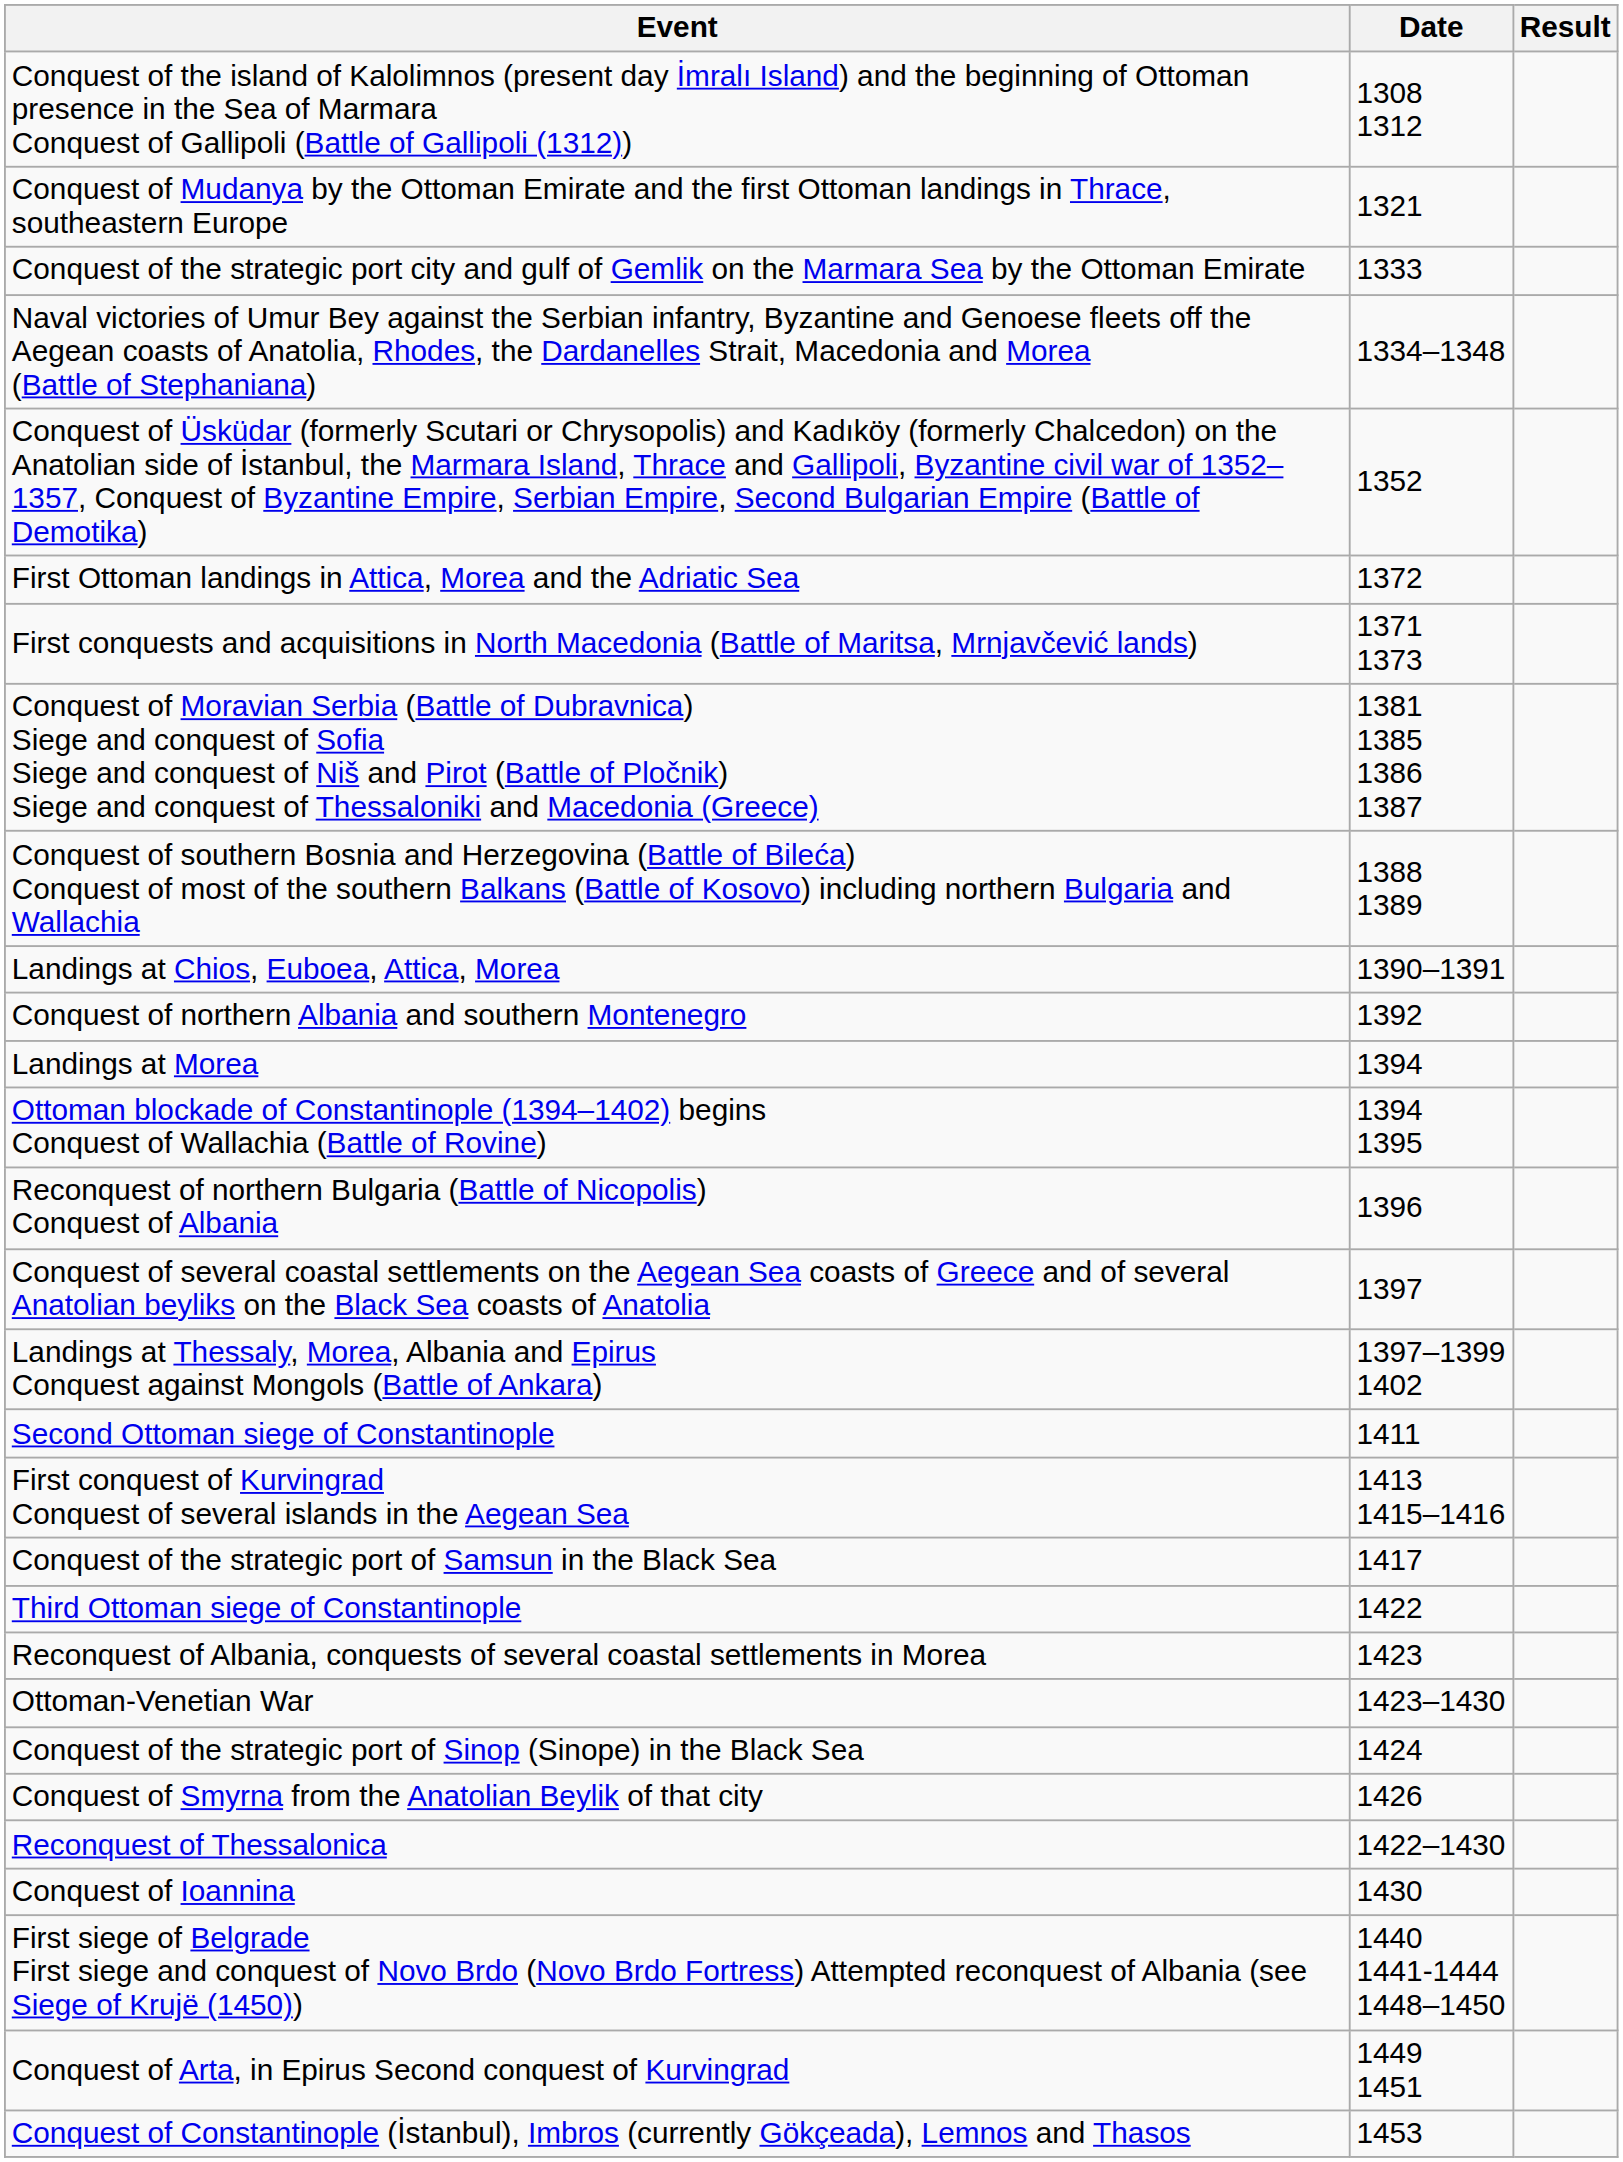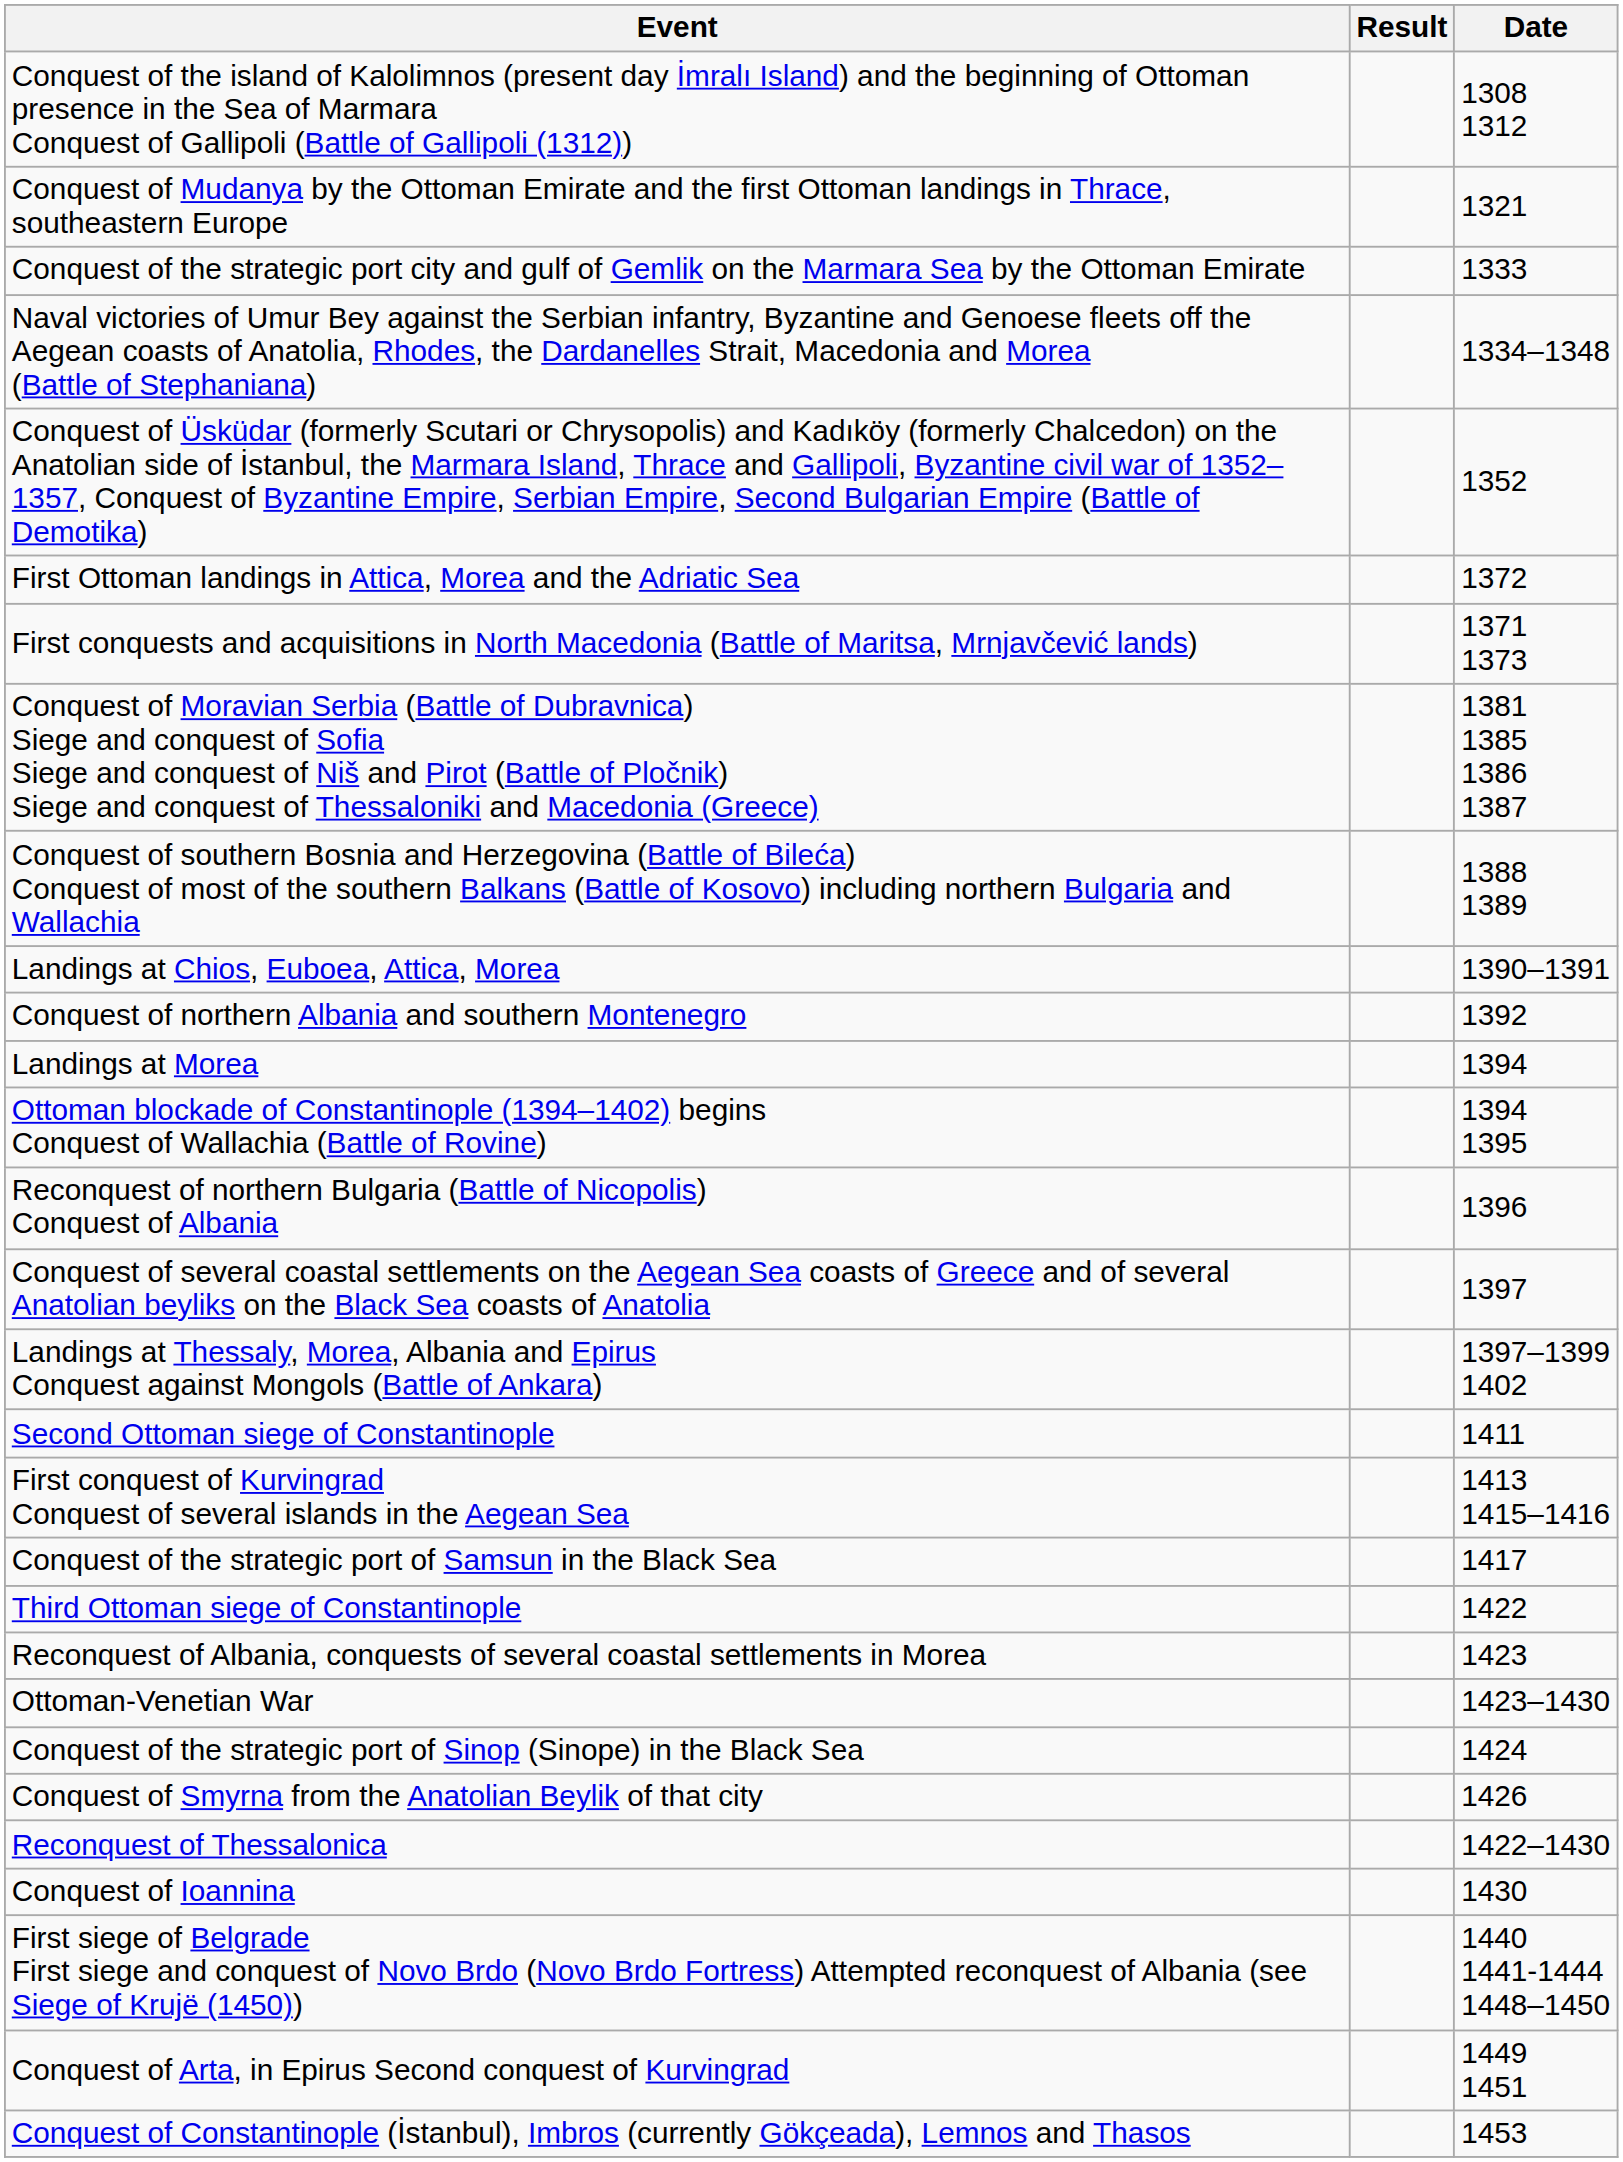 <table class="wikitable">
 <tr>
 <th scope="col">Event</th>
+<th scope="col">Result</th>
 <th scope="col">Date</th>
-<th scope="col">Result</th>
 </tr>
 <tr>
 <td>Conquest of the island of Kalolimnos (present day <a href='#'>İmralı Island</a>) and the beginning of Ottoman presence in the Sea of Marmara<br>Conquest of Gallipoli (<a href='#'>Battle of Gallipoli (1312)</a>)</td>
+<td></td>
 <td>1308<br>1312</td>
-<td></td>
 </tr>
 <tr>
 <td>Conquest of <a href='#'>Mudanya</a> by the Ottoman Emirate and the first Ottoman landings in <a href='#'>Thrace</a>, southeastern Europe</td>
+<td></td>
 <td>1321</td>
-<td></td>
 </tr>
 <tr>
 <td>Conquest of the strategic port city and gulf of <a href='#'>Gemlik</a> on the <a href='#'>Marmara Sea</a> by the Ottoman Emirate</td>
+<td></td>
 <td>1333</td>
-<td></td>
 </tr>
 <tr>
 <td>Naval victories of Umur Bey against the Serbian infantry, Byzantine and Genoese fleets off the Aegean coasts of Anatolia, <a href='#'>Rhodes</a>, the <a href='#'>Dardanelles</a> Strait, Macedonia and <a href='#'>Morea</a><br>(<a href='#'>Battle of Stephaniana</a>)</td>
+<td></td>
 <td>1334–1348</td>
-<td></td>
 </tr>
 <tr>
 <td>Conquest of <a href='#'>Üsküdar</a> (formerly Scutari or Chrysopolis) and Kadıköy (formerly Chalcedon) on the Anatolian side of İstanbul, the <a href='#'>Marmara Island</a>, <a href='#'>Thrace</a> and <a href='#'>Gallipoli</a>, <a href='#'>Byzantine civil war of 1352–1357</a>, Conquest of <a href='#'>Byzantine Empire</a>, <a href='#'>Serbian Empire</a>, <a href='#'>Second Bulgarian Empire</a> (<a href='#'>Battle of Demotika</a>)</td>
+<td></td>
 <td>1352</td>
-<td></td>
 </tr>
 <tr>
 <td>First Ottoman landings in <a href='#'>Attica</a>, <a href='#'>Morea</a> and the <a href='#'>Adriatic Sea</a></td>
+<td></td>
 <td>1372</td>
-<td></td>
 </tr>
 <tr>
 <td>First conquests and acquisitions in <a href='#'>North Macedonia</a> (<a href='#'>Battle of Maritsa</a>, <a href='#'>Mrnjavčević lands</a>)</td>
+<td></td>
 <td>1371<br>1373</td>
-<td></td>
 </tr>
 <tr>
 <td>Conquest of <a href='#'>Moravian Serbia</a> (<a href='#'>Battle of Dubravnica</a>)<br>Siege and conquest of <a href='#'>Sofia</a><br>Siege and conquest of <a href='#'>Niš</a> and <a href='#'>Pirot</a> (<a href='#'>Battle of Pločnik</a>)<br>Siege and conquest of <a href='#'>Thessaloniki</a> and <a href='#'>Macedonia (Greece)</a></td>
+<td></td>
 <td>1381<br>1385<br>1386<br>1387</td>
-<td></td>
 </tr>
 <tr>
 <td>Conquest of southern Bosnia and Herzegovina (<a href='#'>Battle of Bileća</a>)<br>Conquest of most of the southern <a href='#'>Balkans</a> (<a href='#'>Battle of Kosovo</a>) including northern <a href='#'>Bulgaria</a> and <a href='#'>Wallachia</a></td>
+<td></td>
 <td>1388<br>1389</td>
-<td></td>
 </tr>
 <tr>
 <td>Landings at <a href='#'>Chios</a>, <a href='#'>Euboea</a>, <a href='#'>Attica</a>, <a href='#'>Morea</a></td>
+<td></td>
 <td>1390–1391</td>
-<td></td>
 </tr>
 <tr>
 <td>Conquest of northern <a href='#'>Albania</a> and southern <a href='#'>Montenegro</a></td>
+<td></td>
 <td>1392</td>
-<td></td>
 </tr>
 <tr>
 <td>Landings at <a href='#'>Morea</a></td>
+<td></td>
 <td>1394</td>
-<td></td>
 </tr>
 <tr>
 <td><a href='#'>Ottoman blockade of Constantinople (1394–1402)</a> begins<br>Conquest of Wallachia (<a href='#'>Battle of Rovine</a>)</td>
+<td></td>
 <td>1394<br>1395</td>
-<td></td>
 </tr>
 <tr>
 <td>Reconquest of northern Bulgaria (<a href='#'>Battle of Nicopolis</a>)<br>Conquest of <a href='#'>Albania</a></td>
+<td></td>
 <td>1396</td>
-<td></td>
 </tr>
 <tr>
 <td>Conquest of several coastal settlements on the <a href='#'>Aegean Sea</a> coasts of <a href='#'>Greece</a> and of several <a href='#'>Anatolian beyliks</a> on the <a href='#'>Black Sea</a> coasts of <a href='#'>Anatolia</a></td>
+<td></td>
 <td>1397</td>
-<td></td>
 </tr>
 <tr>
 <td>Landings at <a href='#'>Thessaly</a>, <a href='#'>Morea</a>, Albania and <a href='#'>Epirus</a><br>Conquest against Mongols (<a href='#'>Battle of Ankara</a>)</td>
+<td></td>
 <td>1397–1399<br>1402</td>
-<td></td>
 </tr>
 <tr>
 <td><a href='#'>Second Ottoman siege of Constantinople</a></td>
+<td></td>
 <td>1411</td>
-<td></td>
 </tr>
 <tr>
 <td>First conquest of <a href='#'>Kurvingrad</a><br>Conquest of several islands in the <a href='#'>Aegean Sea</a></td>
+<td></td>
 <td>1413<br>1415–1416</td>
-<td></td>
 </tr>
 <tr>
 <td>Conquest of the strategic port of <a href='#'>Samsun</a> in the Black Sea</td>
+<td></td>
 <td>1417</td>
-<td></td>
 </tr>
 <tr>
 <td><a href='#'>Third Ottoman siege of Constantinople</a></td>
+<td></td>
 <td>1422</td>
-<td></td>
 </tr>
 <tr>
 <td>Reconquest of Albania, conquests of several coastal settlements in Morea</td>
+<td></td>
 <td>1423</td>
-<td></td>
 </tr>
 <tr>
 <td>Ottoman-Venetian War</td>
+<td></td>
 <td>1423–1430</td>
-<td></td>
 </tr>
 <tr>
 <td>Conquest of the strategic port of <a href='#'>Sinop</a> (Sinope) in the Black Sea</td>
+<td></td>
 <td>1424</td>
-<td></td>
 </tr>
 <tr>
 <td>Conquest of <a href='#'>Smyrna</a> from the <a href='#'>Anatolian Beylik</a> of that city</td>
+<td></td>
 <td>1426</td>
-<td></td>
 </tr>
 <tr>
 <td><a href='#'>Reconquest of Thessalonica</a></td>
+<td></td>
 <td>1422–1430</td>
-<td></td>
 </tr>
 <tr>
 <td>Conquest of <a href='#'>Ioannina</a></td>
+<td></td>
 <td>1430</td>
-<td></td>
 </tr>
 <tr>
 <td>First siege of <a href='#'>Belgrade</a><br>First siege and conquest of <a href='#'>Novo Brdo</a> (<a href='#'>Novo Brdo Fortress</a>) Attempted reconquest of Albania (see <a href='#'>Siege of Krujë (1450)</a>)</td>
+<td></td>
 <td>1440<br>1441-1444 1448–1450</td>
-<td></td>
 </tr>
 <tr>
 <td>Conquest of <a href='#'>Arta</a>, in Epirus Second conquest of <a href='#'>Kurvingrad</a></td>
+<td></td>
 <td>1449<br>1451</td>
-<td></td>
 </tr>
 <tr>
 <td><a href='#'>Conquest of Constantinople</a> (İstanbul), <a href='#'>Imbros</a> (currently <a href='#'>Gökçeada</a>), <a href='#'>Lemnos</a> and <a href='#'>Thasos</a></td>
+<td></td>
 <td>1453</td>
-<td></td>
 </tr>
 </table>
